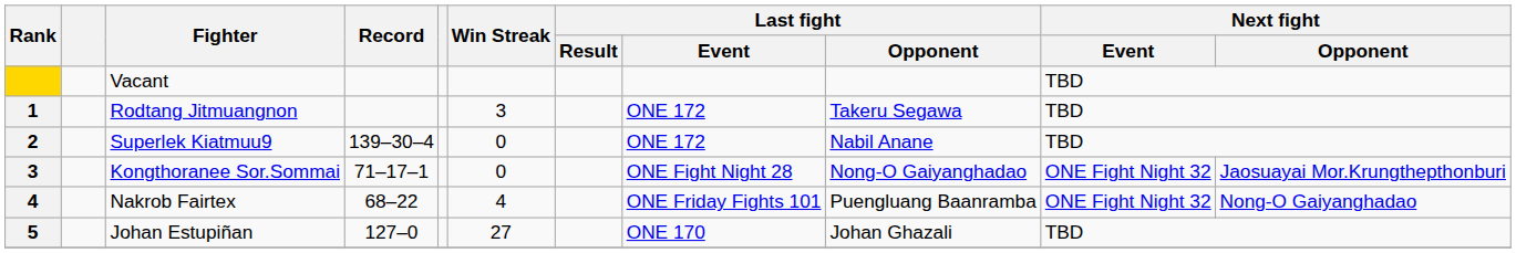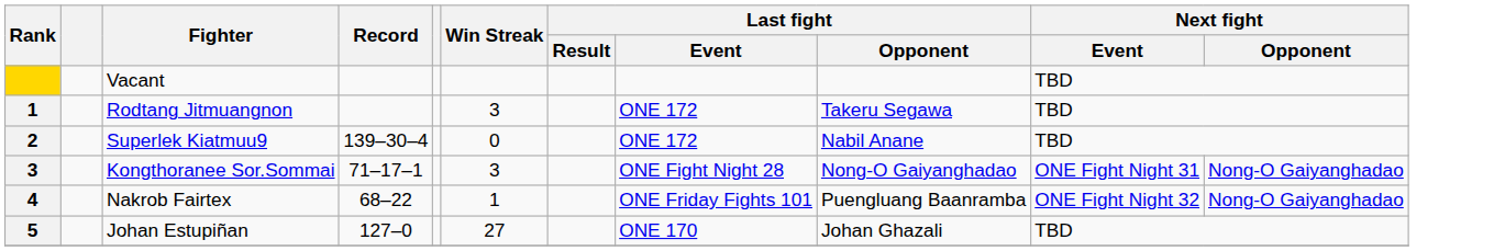 <table class="wikitable" style="display: inline-table;">
 <tr>
 <th rowspan=2>Rank</th>
 <th width=3% rowspan=2></th>
 <th rowspan=2>Fighter</th>
 <th rowspan=2>Record</th>
 <th rowspan=2></th>
 <th rowspan=2>Win Streak</th>
 <th colspan=3>Last fight</th>
 <th colspan=2>Next fight</th>
 </tr>
 <tr>
 <th>Result</th>
 <th>Event</th>
 <th>Opponent</th>
 <th>Event</th>
 <th>Opponent</th>
 </tr>
 <tr>
 <th style="background:gold"></th>
 <td></td>
 <td>Vacant</td>
 <td align="center"></td>
 <td align="center"></td>
 <td align="center"></td>
 <td></td>
 <td></td>
 <td></td>
 <td colspan=2>TBD</td>
 </tr>
 <tr>
 <th>1</th>
 <td></td>
 <td><a href='#'>Rodtang Jitmuangnon</a></td>
 <td align="center"></td>
 <td align="center"></td>
 <td align=center>3</td>
 <td></td>
 <td><a href='#'>ONE 172</a></td>
 <td><a href='#'>Takeru Segawa</a></td>
 <td colspan="2">TBD</td>
 </tr>
 <tr>
 <th>2</th>
 <td></td>
 <td><a href='#'>Superlek Kiatmuu9</a></td>
 <td align="center">139–30–4</td>
 <td align="center"></td>
 <td align=center>0</td>
 <td></td>
 <td><a href='#'>ONE 172</a></td>
 <td><a href='#'>Nabil Anane</a></td>
 <td colspan="2">TBD</td>
 </tr>
 <tr>
 <th>3</th>
 <td></td>
 <td><a href='#'>Kongthoranee Sor.Sommai</a></td>
 <td align="center">71–17–1</td>
 <td align="center"></td>
-<td align="center">0</td>
+<td align="center">3</td>
 <td></td>
 <td><a href='#'>ONE Fight Night 28</a></td>
 <td><a href='#'>Nong-O Gaiyanghadao</a></td>
-<td><a href='#'>ONE Fight Night 32</a></td>
-<td><a href='#'>Jaosuayai Mor.Krungthepthonburi</a></td>
+<td><a href='#'>ONE Fight Night 31</a></td>
+<td><a href='#'>Nong-O Gaiyanghadao</a></td>
 </tr>
 <tr>
 <th>4</th>
 <td></td>
 <td>Nakrob Fairtex</td>
 <td align="center">68–22</td>
 <td align="center"></td>
-<td align="center">4</td>
+<td align="center">1</td>
 <td></td>
 <td><a href='#'>ONE Friday Fights 101</a></td>
 <td>Puengluang Baanramba</td>
 <td><a href='#'>ONE Fight Night 32</a></td>
 <td><a href='#'>Nong-O Gaiyanghadao</a></td>
 </tr>
 <tr>
 <th>5</th>
 <td></td>
 <td>Johan Estupiñan</td>
 <td align="center">127–0</td>
 <td align="center"></td>
 <td align="center">27</td>
 <td></td>
 <td><a href='#'>ONE 170</a></td>
 <td>Johan Ghazali</td>
 <td colspan="2">TBD</td>
 </tr>
 <tr>
 </tr>
 </table>
